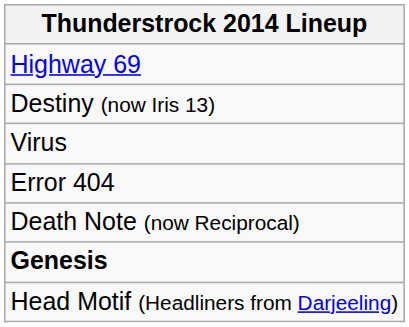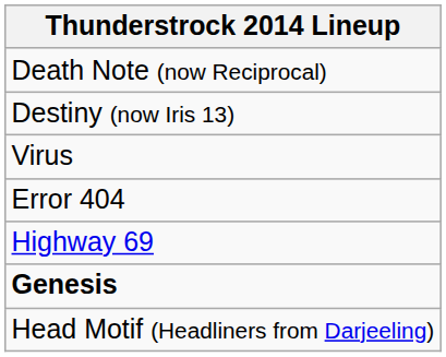 <table class="wikitable">
 <tr>
 <th>Thunderstrock 2014 Lineup</th>
 </tr>
 <tr>
-<td><a href='#'> Highway 69</a></td>
+<td>Death Note <small>(now Reciprocal)</small></td>
 </tr>
 <tr>
 <td>Destiny <small>(now Iris 13)</small></td>
 </tr>
 <tr>
 <td>Virus</td>
 </tr>
 <tr>
 <td>Error 404</td>
 </tr>
 <tr>
-<td>Death Note <small>(now Reciprocal)</small></td>
+<td><a href='#'> Highway 69</a></td>
 </tr>
 <tr>
 <td><strong>Genesis</strong></td>
 </tr>
 <tr>
 <td>Head Motif <small>(Headliners from <a href='#'>Darjeeling</a>)</small></td>
 </tr>
 </table>
